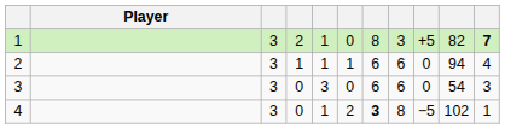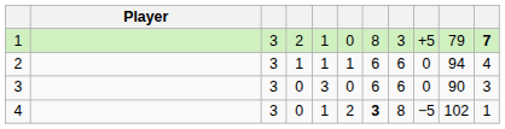 <table class="wikitable" style="text-align:center; margin: 1em auto 1em auto, align:left">
 <tr>
 <th width=20></th>
 <th width=240>Player</th>
 <th width=20></th>
 <th width=20></th>
 <th width=20></th>
 <th width=20></th>
 <th width=20></th>
 <th width=20></th>
 <th width=20></th>
 <th width=30></th>
 <th width=20></th>
 </tr>
 <tr style="background:#D0F0C0;">
 <td>1</td>
 <td align=left></td>
 <td>3</td>
 <td>2</td>
 <td>1</td>
 <td>0</td>
 <td>8</td>
 <td>3</td>
 <td>+5</td>
-<td>82</td>
+<td>79</td>
 <td><strong>7</strong></td>
 </tr>
 <tr style=>
 <td>2</td>
 <td align=left></td>
 <td>3</td>
 <td>1</td>
 <td>1</td>
 <td>1</td>
 <td>6</td>
 <td>6</td>
 <td>0</td>
 <td>94</td>
 <td>4</td>
 </tr>
 <tr style=>
 <td>3</td>
 <td align=left></td>
 <td>3</td>
 <td>0</td>
 <td>3</td>
 <td>0</td>
 <td>6</td>
 <td>6</td>
 <td>0</td>
-<td>54</td>
+<td>90</td>
 <td>3</td>
 </tr>
 <tr style=>
 <td>4</td>
 <td align=left></td>
 <td>3</td>
 <td>0</td>
 <td>1</td>
 <td>2</td>
 <td><strong>3</strong></td>
 <td>8</td>
 <td>−5</td>
 <td>102</td>
 <td>1</td>
 </tr>
 </table>
